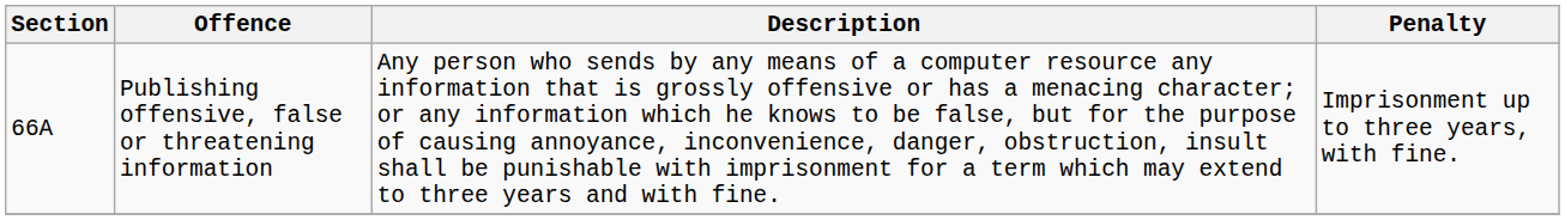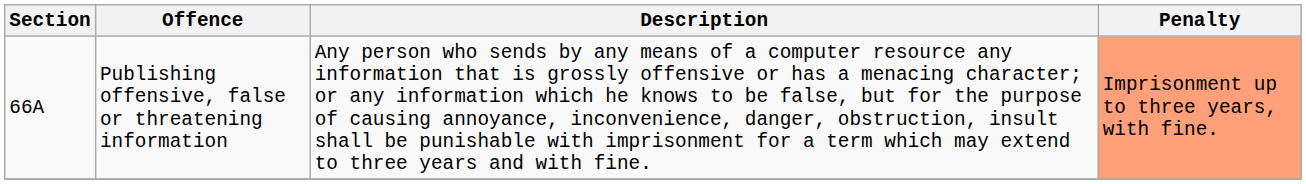 <table class="wikitable">
 <tr>
 <th>Section</th>
 <th>Offence</th>
 <th>Description</th>
 <th>Penalty</th>
 </tr>
 <tr>
 <td>66A</td>
 <td>Publishing offensive, false or threatening information</td>
 <td>Any person who sends by any means of a computer resource any information that is grossly offensive or has a menacing character; or any information which he knows to be false, but for the purpose of causing annoyance, inconvenience, danger, obstruction, insult shall be punishable with imprisonment for a term which may extend to three years and with fine.</td>
-<td>Imprisonment up to three years, with fine.</td>
+<td style="background: lightsalmon;">Imprisonment up to three years, with fine.</td>
 </tr>
 <tr>
 </tr>
 </table>
